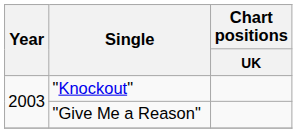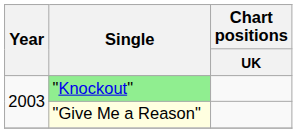 <table class="wikitable">
 <tr>
 <th style="width:30px;" rowspan="2"><strong>Year</strong></th>
 <th style="width:150px;" rowspan="2"><strong>Single</strong></th>
 <th colspan="1"><strong>Chart positions</strong></th>
 </tr>
 <tr>
 <th style="width:36px;"><small>UK</small></th>
 </tr>
 <tr>
 <td rowspan="2">2003</td>
-<td>"<a href='#'>Knockout</a>"</td>
+<td style="background: lightgreen;">"<a href='#'>Knockout</a>"</td>
 <td></td>
 </tr>
 <tr>
-<td>"Give Me a Reason"</td>
+<td style="background: lightyellow;">"Give Me a Reason"</td>
 <td></td>
 </tr>
 <tr>
 </tr>
 </table>
